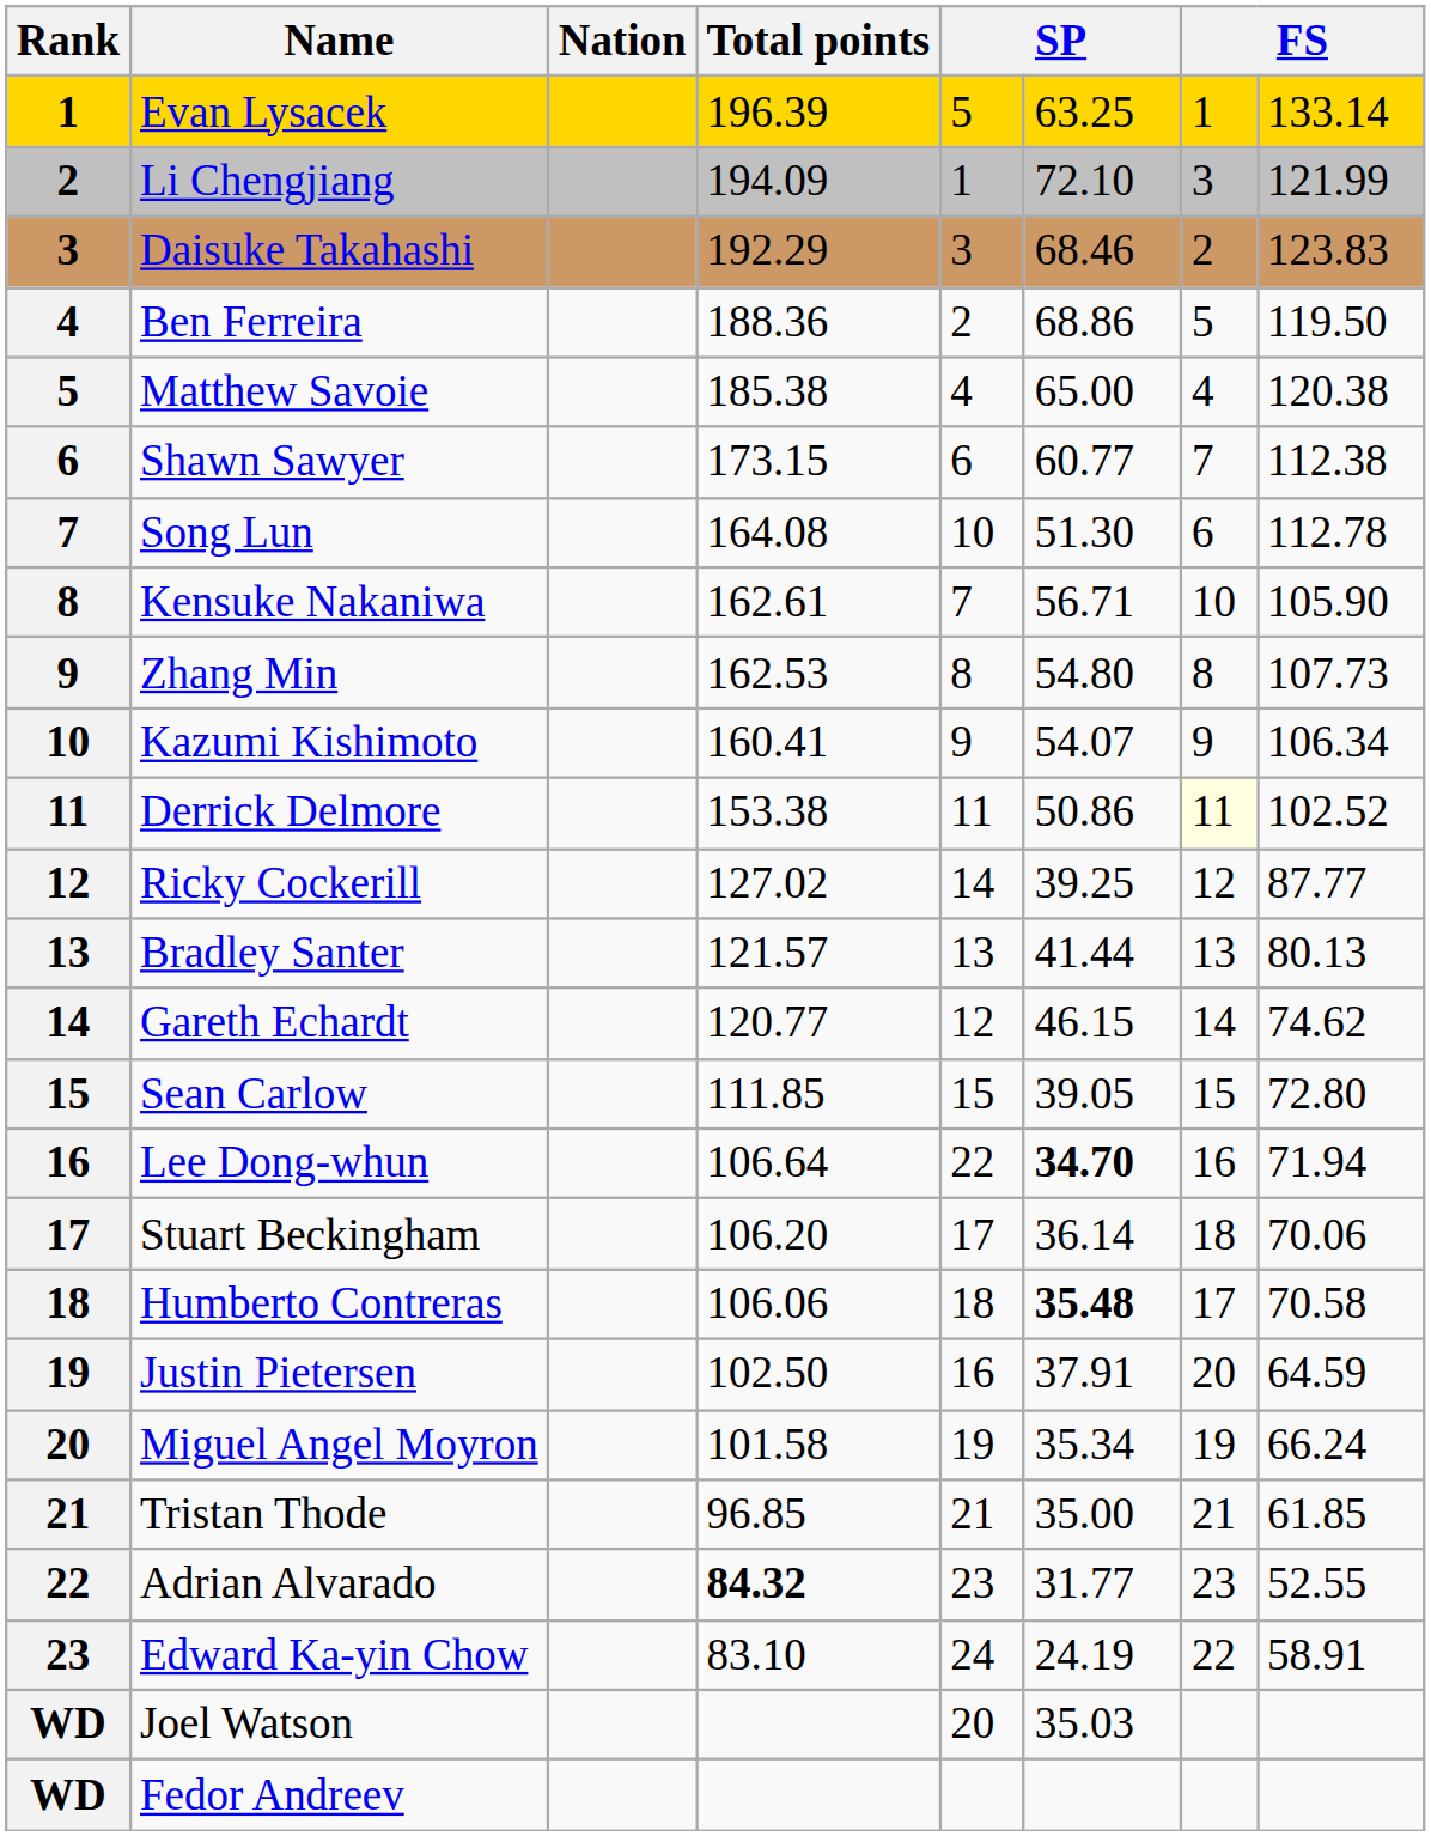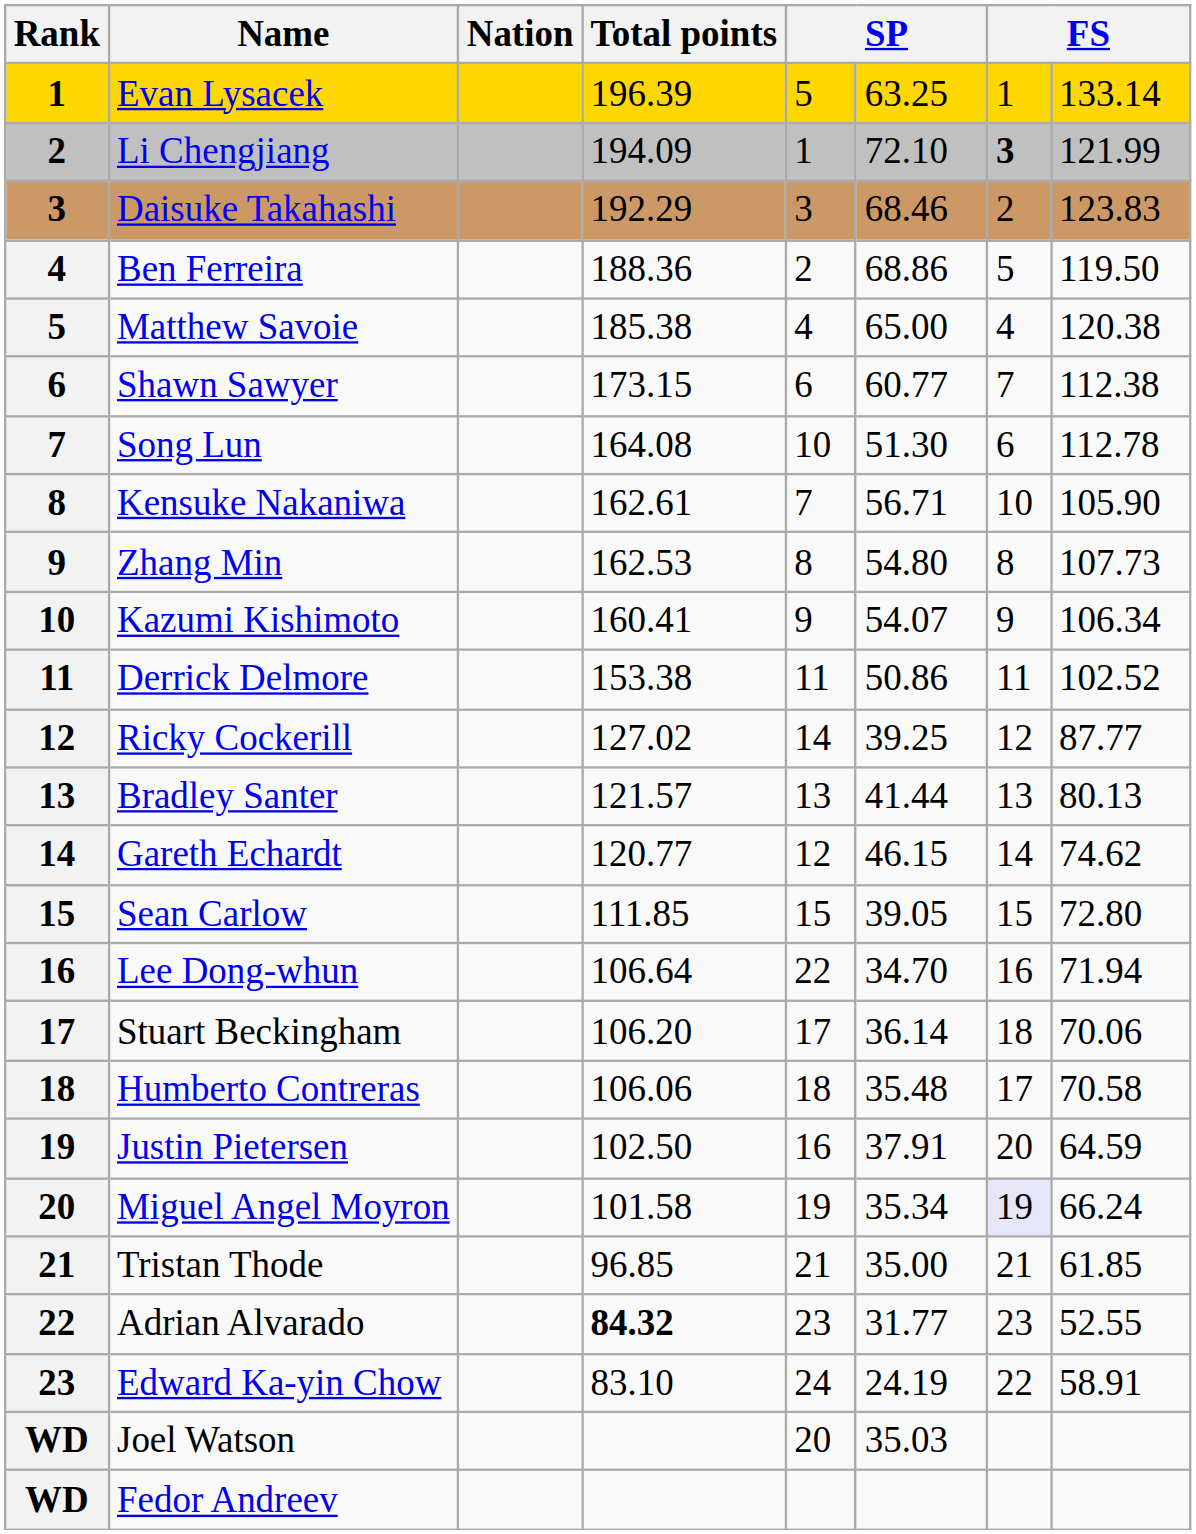 <table class="wikitable">
 <tr>
 <th>Rank</th>
 <th>Name</th>
 <th>Nation</th>
 <th>Total points</th>
 <th colspan="2" width="80px"><a href='#'>SP</a></th>
 <th colspan="2" width="80px"><a href='#'>FS</a></th>
 </tr>
 <tr bgcolor="gold">
 <td align="center"><strong>1</strong></td>
 <td><a href='#'>Evan Lysacek</a></td>
 <td></td>
 <td>196.39</td>
 <td>5</td>
 <td>63.25</td>
 <td>1</td>
 <td>133.14</td>
 </tr>
 <tr bgcolor="silver">
 <td align="center"><strong>2</strong></td>
 <td><a href='#'>Li Chengjiang</a></td>
 <td></td>
 <td>194.09</td>
 <td>1</td>
 <td>72.10</td>
-<td>3</td>
+<td><strong>3</strong></td>
 <td>121.99</td>
 </tr>
 <tr bgcolor="cc9966">
 <td align="center"><strong>3</strong></td>
 <td><a href='#'>Daisuke Takahashi</a></td>
 <td></td>
 <td>192.29</td>
 <td>3</td>
 <td>68.46</td>
 <td>2</td>
 <td>123.83</td>
 </tr>
 <tr>
 <th>4</th>
 <td><a href='#'>Ben Ferreira</a></td>
 <td></td>
 <td>188.36</td>
 <td>2</td>
 <td>68.86</td>
 <td>5</td>
 <td>119.50</td>
 </tr>
 <tr>
 <th>5</th>
 <td><a href='#'>Matthew Savoie</a></td>
 <td></td>
 <td>185.38</td>
 <td>4</td>
 <td>65.00</td>
 <td>4</td>
 <td>120.38</td>
 </tr>
 <tr>
 <th>6</th>
 <td><a href='#'>Shawn Sawyer</a></td>
 <td></td>
 <td>173.15</td>
 <td>6</td>
 <td>60.77</td>
 <td>7</td>
 <td>112.38</td>
 </tr>
 <tr>
 <th>7</th>
 <td><a href='#'>Song Lun</a></td>
 <td></td>
 <td>164.08</td>
 <td>10</td>
 <td>51.30</td>
 <td>6</td>
 <td>112.78</td>
 </tr>
 <tr>
 <th>8</th>
 <td><a href='#'>Kensuke Nakaniwa</a></td>
 <td></td>
 <td>162.61</td>
 <td>7</td>
 <td>56.71</td>
 <td>10</td>
 <td>105.90</td>
 </tr>
 <tr>
 <th>9</th>
 <td><a href='#'>Zhang Min</a></td>
 <td></td>
 <td>162.53</td>
 <td>8</td>
 <td>54.80</td>
 <td>8</td>
 <td>107.73</td>
 </tr>
 <tr>
 <th>10</th>
 <td><a href='#'>Kazumi Kishimoto</a></td>
 <td></td>
 <td>160.41</td>
 <td>9</td>
 <td>54.07</td>
 <td>9</td>
 <td>106.34</td>
 </tr>
 <tr>
 <th>11</th>
 <td><a href='#'>Derrick Delmore</a></td>
 <td></td>
 <td>153.38</td>
 <td>11</td>
 <td>50.86</td>
-<td style="background: lightyellow;">11</td>
+<td>11</td>
 <td>102.52</td>
 </tr>
 <tr>
 <th>12</th>
 <td><a href='#'>Ricky Cockerill</a></td>
 <td></td>
 <td>127.02</td>
 <td>14</td>
 <td>39.25</td>
 <td>12</td>
 <td>87.77</td>
 </tr>
 <tr>
 <th>13</th>
 <td><a href='#'>Bradley Santer</a></td>
 <td></td>
 <td>121.57</td>
 <td>13</td>
 <td>41.44</td>
 <td>13</td>
 <td>80.13</td>
 </tr>
 <tr>
 <th>14</th>
 <td><a href='#'>Gareth Echardt</a></td>
 <td></td>
 <td>120.77</td>
 <td>12</td>
 <td>46.15</td>
 <td>14</td>
 <td>74.62</td>
 </tr>
 <tr>
 <th>15</th>
 <td><a href='#'>Sean Carlow</a></td>
 <td></td>
 <td>111.85</td>
 <td>15</td>
 <td>39.05</td>
 <td>15</td>
 <td>72.80</td>
 </tr>
 <tr>
 <th>16</th>
 <td><a href='#'>Lee Dong-whun</a></td>
 <td></td>
 <td>106.64</td>
 <td>22</td>
-<td><strong>34.70</strong></td>
+<td>34.70</td>
 <td>16</td>
 <td>71.94</td>
 </tr>
 <tr>
 <th>17</th>
 <td>Stuart Beckingham</td>
 <td></td>
 <td>106.20</td>
 <td>17</td>
 <td>36.14</td>
 <td>18</td>
 <td>70.06</td>
 </tr>
 <tr>
 <th>18</th>
 <td><a href='#'>Humberto Contreras</a></td>
 <td></td>
 <td>106.06</td>
 <td>18</td>
-<td><strong>35.48</strong></td>
+<td>35.48</td>
 <td>17</td>
 <td>70.58</td>
 </tr>
 <tr>
 <th>19</th>
 <td><a href='#'>Justin Pietersen</a></td>
 <td></td>
 <td>102.50</td>
 <td>16</td>
 <td>37.91</td>
 <td>20</td>
 <td>64.59</td>
 </tr>
 <tr>
 <th>20</th>
 <td><a href='#'>Miguel Angel Moyron</a></td>
 <td></td>
 <td>101.58</td>
 <td>19</td>
 <td>35.34</td>
-<td>19</td>
+<td style="background: lavender;">19</td>
 <td>66.24</td>
 </tr>
 <tr>
 <th>21</th>
 <td>Tristan Thode</td>
 <td></td>
 <td>96.85</td>
 <td>21</td>
 <td>35.00</td>
 <td>21</td>
 <td>61.85</td>
 </tr>
 <tr>
 <th>22</th>
 <td>Adrian Alvarado</td>
 <td></td>
 <td><strong>84.32</strong></td>
 <td>23</td>
 <td>31.77</td>
 <td>23</td>
 <td>52.55</td>
 </tr>
 <tr>
 <th>23</th>
 <td><a href='#'>Edward Ka-yin Chow</a></td>
 <td></td>
 <td>83.10</td>
 <td>24</td>
 <td>24.19</td>
 <td>22</td>
 <td>58.91</td>
 </tr>
 <tr>
 <th>WD</th>
 <td>Joel Watson</td>
 <td></td>
 <td></td>
 <td>20</td>
 <td>35.03</td>
 <td></td>
 <td></td>
 </tr>
 <tr>
 <th>WD</th>
 <td><a href='#'>Fedor Andreev</a></td>
 <td></td>
 <td></td>
 <td></td>
 <td></td>
 <td></td>
 <td></td>
 </tr>
 </table>
